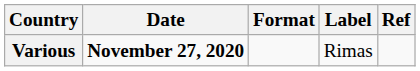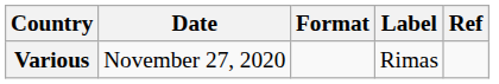 <table class="wikitable plainrowheaders">
 <tr>
 <th>Country</th>
 <th>Date</th>
 <th>Format</th>
 <th>Label</th>
 <th>Ref</th>
 </tr>
 <tr>
 <th scope="row">Various</th>
-<td><strong>November 27, 2020</strong></td>
+<td>November 27, 2020</td>
 <td></td>
 <td rowspan="2">Rimas</td>
 <td></td>
 </tr>
 </table>
